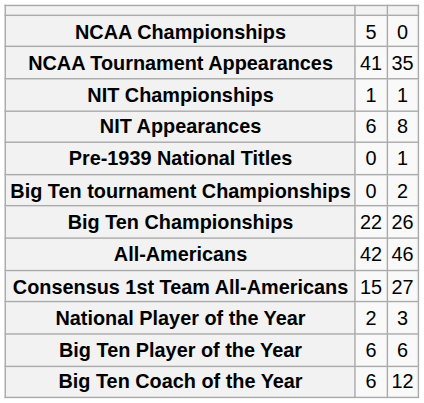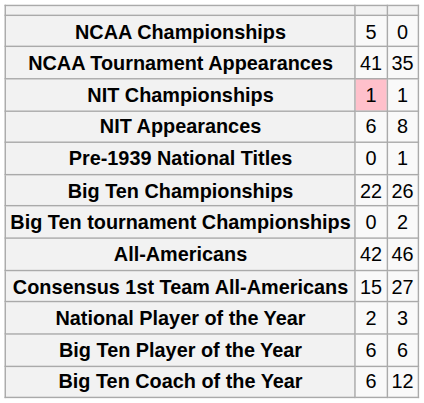 <table class="wikitable" style="float:right; clear:right; margin-left:1em; font-size:88%;">
 <tr>
 <th></th>
 <th><a href='#'></a></th>
 <th><a href='#'></a></th>
 </tr>
 <tr>
 <th scope=row>NCAA Championships</th>
 <td align=center>5</td>
 <td align=center>0</td>
 </tr>
 <tr>
 <th scope=row>NCAA Tournament Appearances</th>
 <td align=center>41</td>
 <td align="center">35</td>
 </tr>
 <tr>
 <th scope=row>NIT Championships</th>
-<td align=center>1</td>
+<td align=center style="background: pink;">1</td>
 <td align=center>1</td>
 </tr>
 <tr>
 <th scope=row>NIT Appearances</th>
 <td align=center>6</td>
 <td align=center>8</td>
 </tr>
 <tr>
 <th scope=row>Pre-1939 National Titles</th>
 <td align=center>0</td>
 <td align=center>1</td>
 </tr>
 <tr>
+<th scope=row>Big Ten Championships</th>
+<td align=center>22</td>
+<td align=center>26</td>
+</tr>
+<tr>
 <th scope=row>Big Ten tournament Championships</th>
 <td align=center>0</td>
 <td align=center>2</td>
-</tr>
-<tr>
-<th scope=row>Big Ten Championships</th>
-<td align=center>22</td>
-<td align=center>26</td>
 </tr>
 <tr>
 <th scope=row>All-Americans</th>
 <td align=center>42</td>
 <td align=center>46</td>
 </tr>
 <tr>
 <th scope=row>Consensus 1st Team All-Americans</th>
 <td align=center>15</td>
 <td align=center>27</td>
 </tr>
 <tr>
 <th scope=row>National Player of the Year</th>
 <td align=center>2</td>
 <td align=center>3</td>
 </tr>
 <tr>
 <th scope=row>Big Ten Player of the Year</th>
 <td align=center>6</td>
 <td align=center>6</td>
 </tr>
 <tr>
 <th scope=row>Big Ten Coach of the Year</th>
 <td align=center>6</td>
 <td align=center>12</td>
 </tr>
 </table>
